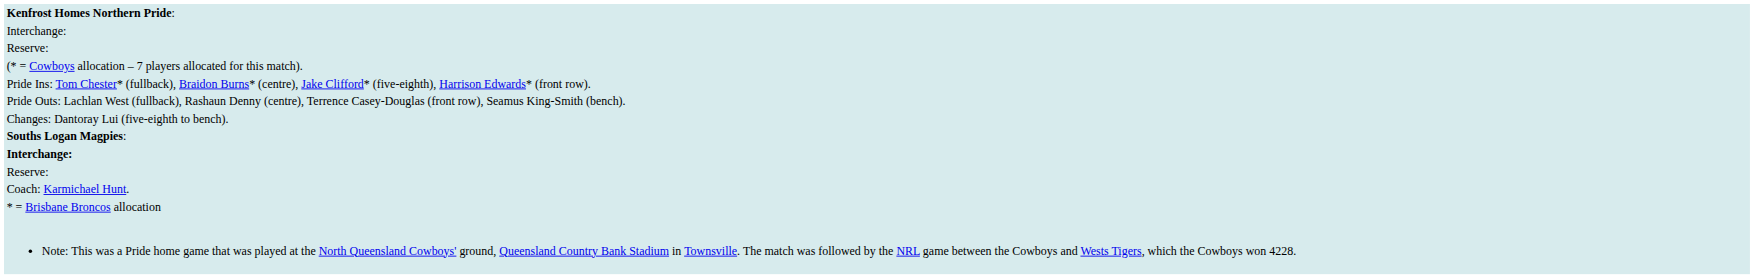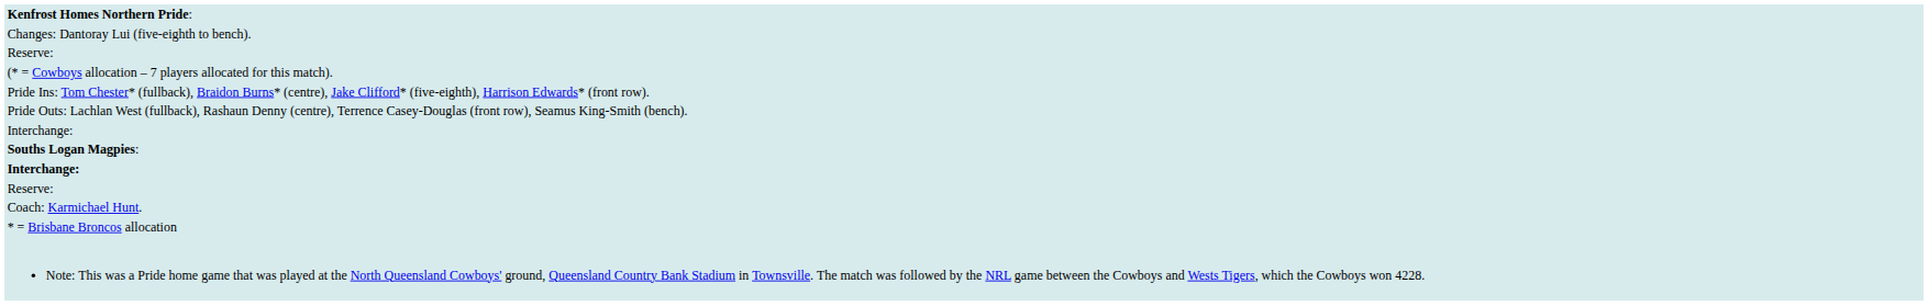 <table style="background:#d7ebed; font-size:85%; width:100%;">
 <tr>
 <td><strong>Kenfrost Homes Northern Pride</strong>:             </td>
 </tr>
 <tr>
-<td>Interchange:    </td>
+<td>Changes: Dantoray Lui (five-eighth to bench).</td>
 </tr>
 <tr>
 <td>Reserve: </td>
 </tr>
 <tr>
 <td>(* = <a href='#'>Cowboys</a> allocation – 7 players allocated for this match).</td>
 </tr>
 <tr>
 <td>Pride Ins: <a href='#'>Tom Chester</a>* (fullback), <a href='#'>Braidon Burns</a>* (centre), <a href='#'>Jake Clifford</a>* (five-eighth), <a href='#'>Harrison Edwards</a>* (front row).</td>
 </tr>
 <tr>
 <td>Pride Outs: Lachlan West (fullback), Rashaun Denny (centre), Terrence Casey-Douglas (front row), Seamus King-Smith (bench).</td>
 </tr>
 <tr>
-<td>Changes: Dantoray Lui (five-eighth to bench).</td>
+<td>Interchange:    </td>
 </tr>
 <tr>
 <td><strong>Souths Logan Magpies</strong>:             </td>
 </tr>
 <tr>
 <td><strong>Interchange:    </strong></td>
 </tr>
 <tr>
 <td>Reserve: </td>
 </tr>
 <tr>
 <td>Coach: <a href='#'>Karmichael Hunt</a>.</td>
 </tr>
 <tr>
 <td>* = <a href='#'>Brisbane Broncos</a> allocation</td>
 </tr>
 <tr>
 <td><br><ul><li>Note: This was a Pride home game that was played at the <a href='#'>North Queensland Cowboys'</a> ground, <a href='#'>Queensland Country Bank Stadium</a> in <a href='#'>Townsville</a>. The match was followed by the <a href='#'>NRL</a> game between the Cowboys and <a href='#'>Wests Tigers</a>, which the Cowboys won 4228.</li></ul></td>
 </tr>
 <tr>
 </tr>
 </table>
